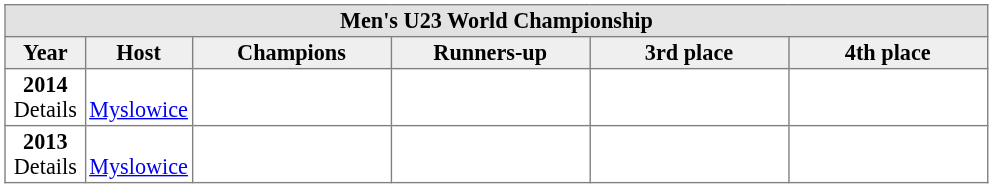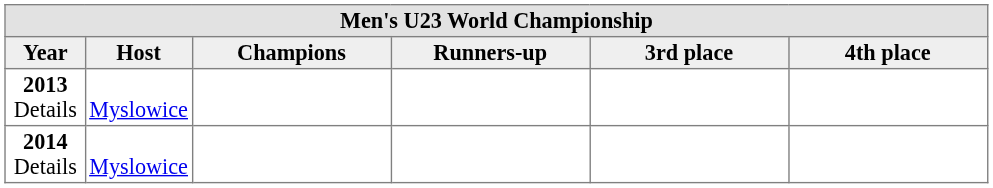 <table class="toccolours" border="1" cellpadding="2" style="border-collapse: collapse; text-align: center; width: 80%; margin: 0 auto;">
 <tr style= "background: #e2e2e2;">
 <th colspan=6 width=100%>Men's U23 World Championship</th>
 </tr>
 <tr style="background: #efefef;">
 <th width=8%>Year</th>
 <th width=10%>Host</th>
 <th width=20%>Champions</th>
 <th width=20%>Runners-up</th>
 <th width=20%>3rd place</th>
 <th width=20%>4th place</th>
 </tr>
 <tr>
+<td><strong>2013</strong><br> Details</td>
+<td><br><a href='#'>Myslowice</a></td>
+<td><strong></strong></td>
+<td></td>
+<td></td>
+<td></td>
+</tr>
+<tr>
 <td><strong>2014</strong><br> Details</td>
 <td><br><a href='#'>Myslowice</a></td>
 <td><strong></strong></td>
 <td></td>
 <td></td>
 <td></td>
 </tr>
-<tr>
-<td><strong>2013</strong><br> Details</td>
-<td><br><a href='#'>Myslowice</a></td>
-<td><strong></strong></td>
-<td></td>
-<td></td>
-<td></td>
-</tr>
 </table>
